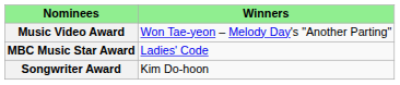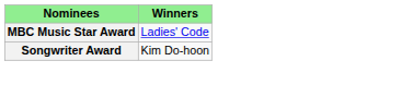 <table class="wikitable plainrowheaders">
 <tr>
 <th style="background:#90EE90;">Nominees</th>
 <th style="background:#90EE90;">Winners</th>
-</tr>
-<tr>
-<th scope="row">Music Video Award</th>
-<td><a href='#'>Won Tae-yeon</a> – <a href='#'>Melody Day</a>'s "Another Parting"</td>
 </tr>
 <tr>
 <th scope="row">MBC Music Star Award</th>
 <td><a href='#'>Ladies' Code</a></td>
 </tr>
 <tr>
 <th scope="row">Songwriter Award</th>
 <td>Kim Do-hoon</td>
 </tr>
 </table>
